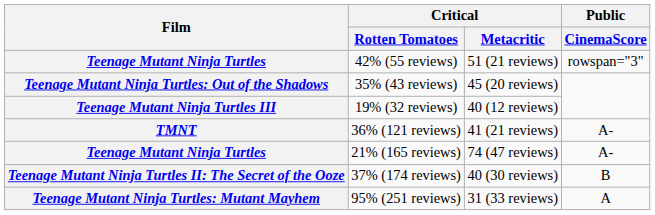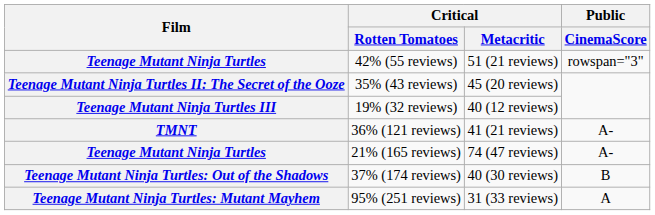 <table class="wikitable plainrowheaders" style="text-align:center;">
 <tr>
 <th rowspan="2" scope="col">Film</th>
 <th colspan="2" scope="col">Critical</th>
 <th colspan="2" scope="col">Public</th>
 </tr>
 <tr>
 <th scope="col"><a href='#'>Rotten Tomatoes</a></th>
 <th scope="col"><a href='#'>Metacritic</a></th>
 <th scope="col"><a href='#'>CinemaScore</a></th>
 </tr>
 <tr>
 <th scope="row"><em><a href='#'>Teenage Mutant Ninja Turtles</a></em></th>
 <td>42% (55 reviews)</td>
 <td>51 (21 reviews)</td>
 <td>rowspan="3" </td>
 </tr>
 <tr>
-<th scope="row"><em><a href='#'>Teenage Mutant Ninja Turtles: Out of the Shadows</a></em></th>
+<th scope="row"><em><a href='#'>Teenage Mutant Ninja Turtles II: The Secret of the Ooze</a></em></th>
 <td>35% (43 reviews)</td>
 <td>45 (20 reviews)</td>
 </tr>
 <tr>
 <th scope="row"><em><a href='#'>Teenage Mutant Ninja Turtles III</a></em></th>
 <td>19% (32 reviews)</td>
 <td>40 (12 reviews)</td>
 </tr>
 <tr>
 <th scope="row"><em><a href='#'>TMNT</a></em></th>
 <td>36% (121 reviews)</td>
 <td>41 (21 reviews)</td>
 <td>A-</td>
 </tr>
 <tr>
 <th scope="row"><em><a href='#'>Teenage Mutant Ninja Turtles</a></em></th>
 <td>21% (165 reviews)</td>
 <td>74 (47 reviews)</td>
 <td>A-</td>
 </tr>
 <tr>
-<th scope="row"><em><a href='#'>Teenage Mutant Ninja Turtles II: The Secret of the Ooze</a></em></th>
+<th scope="row"><em><a href='#'>Teenage Mutant Ninja Turtles: Out of the Shadows</a></em></th>
 <td>37% (174 reviews)</td>
 <td>40 (30 reviews)</td>
 <td>B</td>
 </tr>
 <tr>
 <th scope="row"><em><a href='#'>Teenage Mutant Ninja Turtles: Mutant Mayhem</a></em></th>
 <td>95% (251 reviews)</td>
 <td>31 (33 reviews)</td>
 <td>A</td>
 </tr>
 </table>
